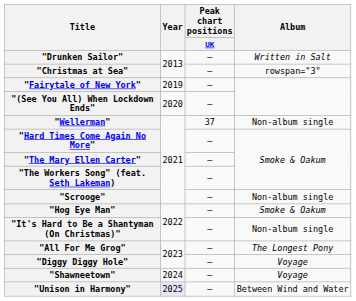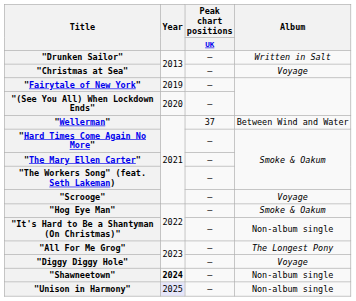 <table class="wikitable plainrowheaders" style="text-align:center;">
 <tr>
 <th scope="col" rowspan="2" style="width:18em;">Title</th>
 <th scope="col" rowspan="2" style="width:1em;">Year</th>
 <th colspan="1">Peak chart positions</th>
 <th scope="col" rowspan="2">Album</th>
 </tr>
 <tr>
 <th scope="col" style="width:3em;font-size:90%;"><a href='#'>UK</a><br></th>
 </tr>
 <tr>
 <th scope="row">"Drunken Sailor"</th>
 <td rowspan="2">2013</td>
 <td>—</td>
 <td><em>Written in Salt</em></td>
 </tr>
 <tr>
 <th scope="row">"Christmas at Sea"</th>
 <td>—</td>
-<td>rowspan="3" </td>
+<td><em>Voyage</em></td>
 </tr>
 <tr>
 <th scope="row">"<a href='#'>Fairytale of New York</a>"</th>
 <td>2019</td>
 <td>—</td>
 </tr>
 <tr>
 <th scope="row">"(See You All) When Lockdown Ends"</th>
 <td>2020</td>
 <td>—</td>
 </tr>
 <tr>
 <th scope="row">"<a href='#'>Wellerman</a>"</th>
 <td rowspan="5">2021</td>
 <td>37</td>
-<td>Non-album single</td>
+<td>Between Wind and Water</td>
 </tr>
 <tr>
 <th scope="row">"<a href='#'>Hard Times Come Again No More</a>"</th>
 <td>—</td>
 <td rowspan="3"><em>Smoke & Oakum</em></td>
 </tr>
 <tr>
 <th scope="row">"<a href='#'>The Mary Ellen Carter</a>"</th>
 <td>—</td>
 </tr>
 <tr>
 <th scope="row">"The Workers Song" (feat. <a href='#'>Seth Lakeman</a>)</th>
 <td>—</td>
 </tr>
 <tr>
 <th scope="row">"Scrooge"</th>
 <td>—</td>
-<td>Non-album single</td>
+<td><em>Voyage</em></td>
 </tr>
 <tr>
 <th scope="row">"Hog Eye Man"</th>
 <td rowspan="2">2022</td>
 <td>—</td>
 <td><em>Smoke & Oakum</em></td>
 </tr>
 <tr>
 <th scope="row">"It's Hard to Be a Shantyman (On Christmas)"</th>
 <td>—</td>
 <td>Non-album single</td>
 </tr>
 <tr>
 <th scope="row">"All For Me Grog"</th>
 <td rowspan="2">2023</td>
 <td>—</td>
 <td><em>The Longest Pony</em></td>
 </tr>
 <tr>
 <th scope="row">"Diggy Diggy Hole"</th>
 <td>—</td>
 <td><em>Voyage</em></td>
 </tr>
 <tr>
 <th scope="row">"Shawneetown"</th>
-<td>2024</td>
+<td><strong>2024</strong></td>
 <td>—</td>
-<td><em>Voyage</em></td>
+<td>Non-album single</td>
 </tr>
 <tr>
 <th scope="row">"Unison in Harmony"</th>
 <td style="background: lavender;">2025</td>
 <td>—</td>
-<td>Between Wind and Water</td>
+<td>Non-album single</td>
 </tr>
 </table>
